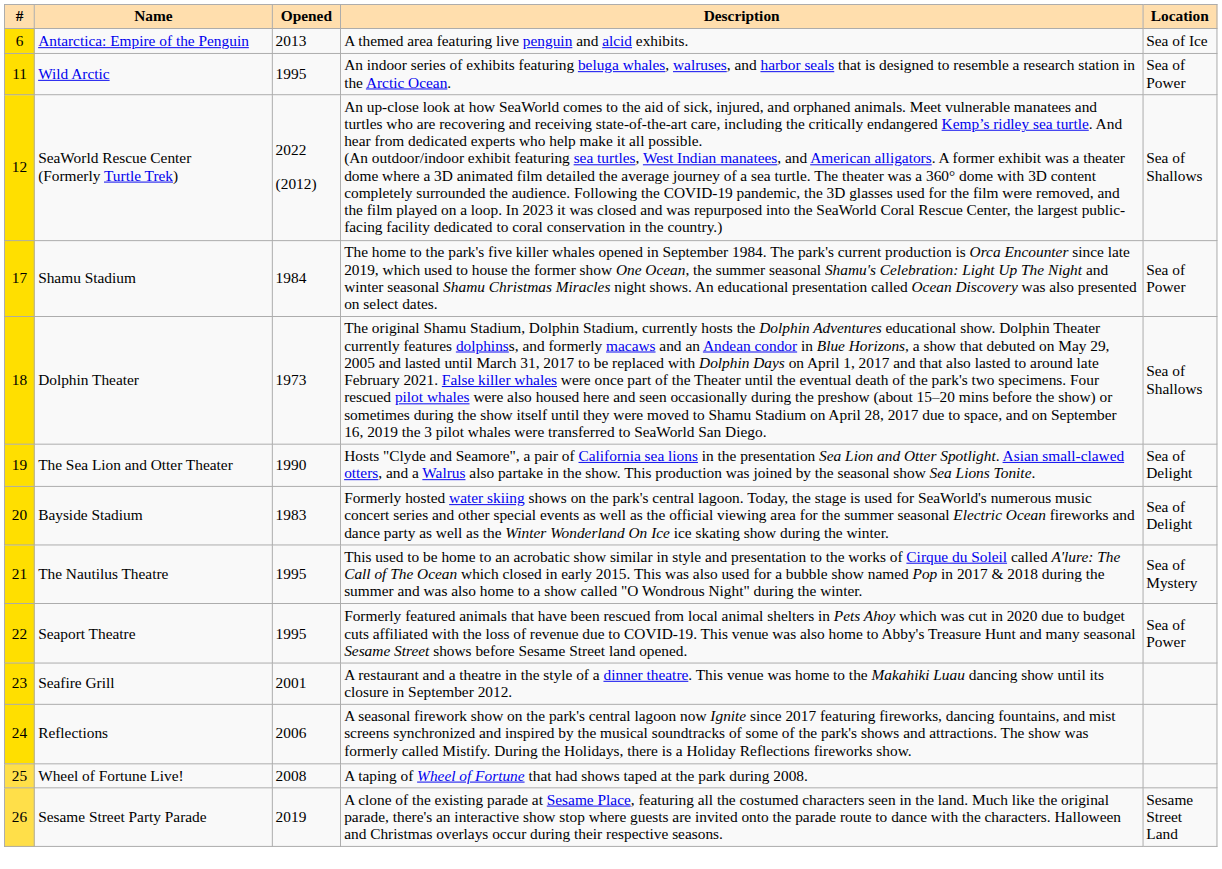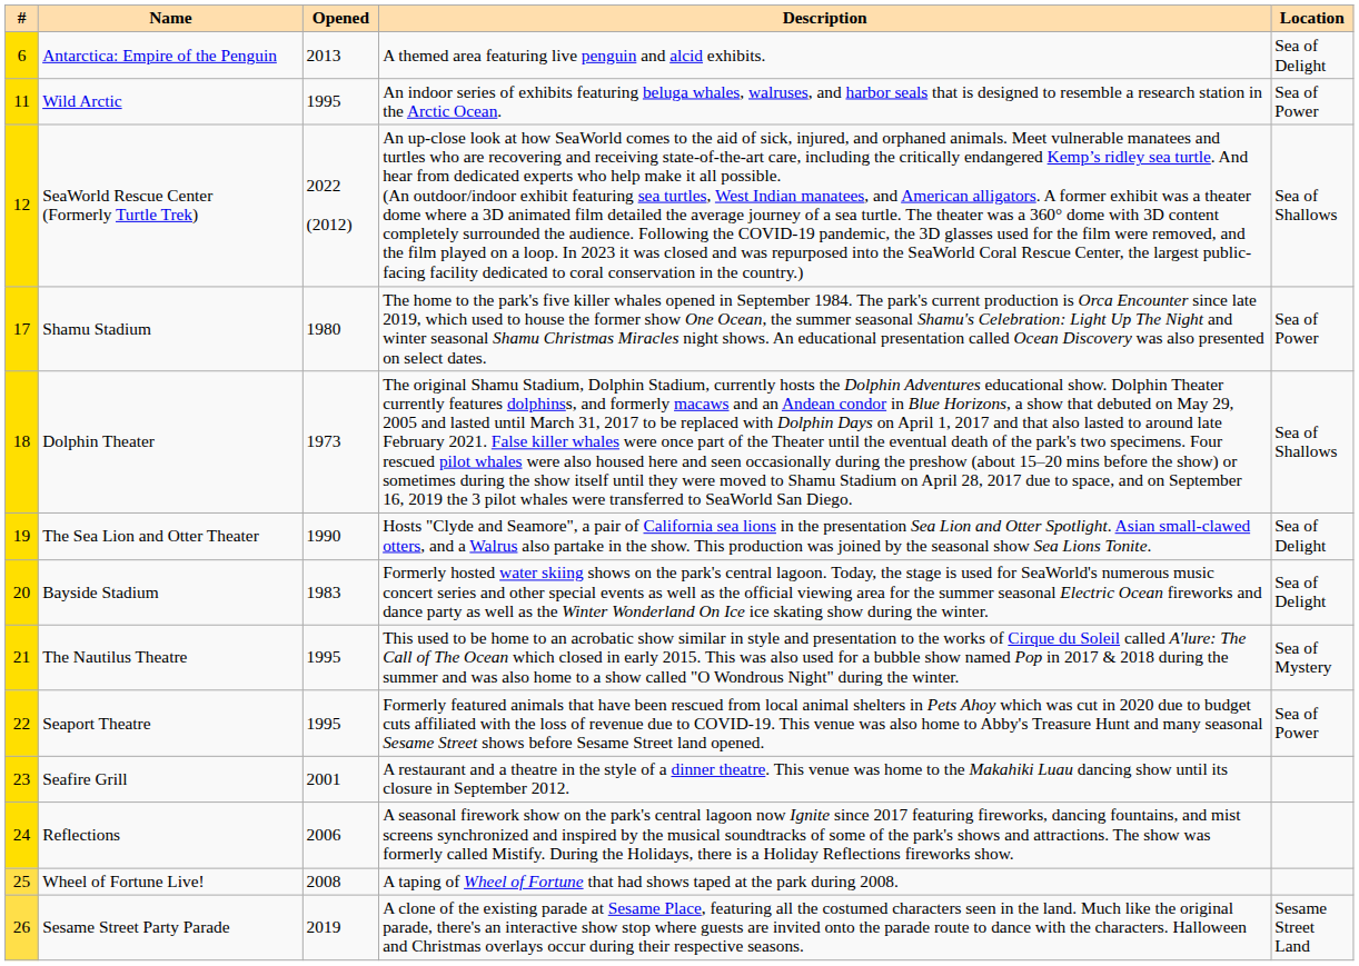 <table class="wikitable" style="width: 100%; font sizes: 95%;">
 <tr>
 <th style="background:#ffdead; width:1.5em;">#</th>
 <th style="background:#ffdead; width:15em;">Name</th>
 <th style="background:#ffdead; width:4em;">Opened</th>
 <th style="background:#ffdead;">Description</th>
 <th style="background:#ffdead;">Location</th>
 </tr>
 <tr>
 <td style="background:#ffdf00; text-align:center;">6</td>
 <td><a href='#'>Antarctica: Empire of the Penguin</a></td>
 <td>2013</td>
 <td>A themed area featuring live <a href='#'>penguin</a> and <a href='#'>alcid</a> exhibits.</td>
-<td>Sea of Ice</td>
+<td>Sea of Delight</td>
 </tr>
 <tr>
 <td style="background:#ffdf00; text-align:center;">11</td>
 <td><a href='#'>Wild Arctic</a></td>
 <td>1995</td>
 <td>An indoor series of exhibits featuring <a href='#'>beluga whales</a>, <a href='#'>walruses</a>, and <a href='#'>harbor seals</a> that is designed to resemble a research station in the <a href='#'>Arctic Ocean</a>.</td>
 <td>Sea of Power</td>
 </tr>
 <tr>
 <td style="background:#ffdf00; text-align:center;">12</td>
 <td>SeaWorld Rescue Center<br> (Formerly <a href='#'>Turtle Trek</a>)</td>
 <td>2022<br><br>(2012)</td>
 <td>An up-close look at how SeaWorld comes to the aid of sick, injured, and orphaned animals. Meet vulnerable manatees and turtles who are recovering and receiving state-of-the-art care, including the critically endangered <a href='#'>Kemp’s ridley sea turtle</a>. And hear from dedicated experts who help make it all possible.<br>(An outdoor/indoor exhibit featuring <a href='#'>sea turtles</a>, <a href='#'>West Indian manatees</a>, and <a href='#'>American alligators</a>. A former exhibit was a theater dome where a 3D animated film detailed the average journey of a sea turtle. The theater was a 360° dome with 3D content completely surrounded the audience. Following the COVID-19 pandemic, the 3D glasses used for the film were removed, and the film played on a loop. In 2023 it was closed and was repurposed into the SeaWorld Coral Rescue Center, the largest public-facing facility dedicated to coral conservation in the country.)</td>
 <td>Sea of Shallows</td>
 </tr>
 <tr>
 <td style="background:#ffdf00; text-align:center;">17</td>
 <td>Shamu Stadium</td>
-<td>1984</td>
+<td>1980</td>
 <td>The  home to the park's five killer whales opened in September 1984. The park's current production is <em>Orca Encounter</em> since late 2019, which used to house the former show <em>One Ocean</em>, the summer seasonal <em>Shamu's Celebration: Light Up The Night</em> and winter seasonal <em>Shamu Christmas Miracles</em> night shows. An educational presentation called <em>Ocean Discovery</em> was also presented on select dates.</td>
 <td>Sea of Power</td>
 </tr>
 <tr>
 <td style="background:#ffdf00; text-align:center;">18</td>
 <td>Dolphin Theater</td>
 <td>1973</td>
 <td>The  original Shamu Stadium, Dolphin Stadium, currently hosts the <em>Dolphin Adventures</em> educational show. Dolphin Theater currently features <a href='#'>dolphins</a>s, and formerly <a href='#'>macaws</a> and an <a href='#'>Andean condor</a> in <em>Blue Horizons</em>, a show that debuted on May 29, 2005 and lasted until March 31, 2017 to be replaced with <em>Dolphin Days</em> on April 1, 2017 and that also lasted to around late February 2021. <a href='#'>False killer whales</a> were once part of the Theater until the eventual death of the park's two specimens. Four rescued <a href='#'>pilot whales</a> were also housed here and seen occasionally during the preshow (about 15–20 mins before the show) or sometimes during the show itself until they were moved to Shamu Stadium on April 28, 2017 due to space, and on September 16, 2019 the 3 pilot whales were transferred to SeaWorld San Diego.</td>
 <td>Sea of Shallows</td>
 </tr>
 <tr>
 <td style="background:#ffdf00; text-align:center;">19</td>
 <td>The Sea Lion and Otter Theater</td>
 <td>1990</td>
 <td>Hosts "Clyde and Seamore", a pair of <a href='#'>California sea lions</a> in the presentation <em>Sea Lion and Otter Spotlight</em>. <a href='#'>Asian small-clawed otters</a>, and a <a href='#'>Walrus</a> also partake in the show. This production was joined by the seasonal show <em>Sea Lions Tonite</em>.</td>
 <td>Sea of Delight</td>
 </tr>
 <tr>
 <td style="background:#ffdf00; text-align:center;">20</td>
 <td>Bayside Stadium</td>
 <td>1983</td>
 <td>Formerly hosted <a href='#'>water skiing</a> shows on the park's central lagoon. Today, the stage is used for SeaWorld's numerous music concert series and other special events as well as the official viewing area for the summer seasonal <em>Electric Ocean</em> fireworks and dance party as well as the <em>Winter Wonderland On Ice</em> ice skating show during the winter.</td>
 <td>Sea of Delight</td>
 </tr>
 <tr>
 <td style="background:#ffdf00; text-align:center;">21</td>
 <td>The Nautilus Theatre</td>
 <td>1995</td>
 <td>This used to be home to an acrobatic show similar in style and presentation to the works of <a href='#'>Cirque du Soleil</a> called <em>A'lure: The Call of The Ocean</em> which closed in early 2015. This was also used for a bubble show named <em>Pop</em> in 2017 & 2018 during the summer and was also home to a show called "O Wondrous Night" during the winter.</td>
 <td>Sea of Mystery</td>
 </tr>
 <tr>
 <td style="background:#ffdf00; text-align:center;">22</td>
 <td>Seaport Theatre</td>
 <td>1995</td>
 <td>Formerly featured animals that have been rescued from local animal shelters in <em>Pets Ahoy</em> which was cut in 2020 due to budget cuts affiliated with the loss of revenue due to COVID-19. This venue was also home to Abby's Treasure Hunt and many seasonal <em>Sesame Street</em> shows before Sesame Street land opened.</td>
 <td>Sea of Power</td>
 </tr>
 <tr>
 <td style="background:#ffdf00; text-align:center;">23</td>
 <td>Seafire Grill</td>
 <td>2001</td>
 <td>A restaurant and a theatre in the style of a <a href='#'>dinner theatre</a>. This venue was home to the <em>Makahiki Luau</em> dancing show until its closure in September 2012.</td>
 <td></td>
 </tr>
 <tr>
 <td style="background:#ffdf00; text-align:center;">24</td>
 <td>Reflections</td>
 <td>2006</td>
 <td>A seasonal firework show on the park's central lagoon now <em>Ignite</em> since 2017 featuring fireworks, dancing fountains, and mist screens synchronized and inspired by the musical soundtracks of some of the park's shows and attractions. The show was formerly called Mistify. During the Holidays, there is a Holiday Reflections fireworks show.</td>
 <td></td>
 </tr>
 <tr>
 <td style="background:#ffdf49; text-align:center;">25</td>
 <td>Wheel of Fortune Live!</td>
 <td>2008</td>
 <td>A taping of <em><a href='#'>Wheel of Fortune</a></em> that had shows taped at the park during 2008.</td>
 <td></td>
 </tr>
 <tr>
 <td style="background:#ffdf49; text-align:center;">26</td>
 <td>Sesame Street Party Parade</td>
 <td>2019</td>
 <td>A clone of the existing parade at <a href='#'>Sesame Place</a>, featuring all the costumed characters seen in the land. Much like the original parade, there's an interactive show stop where guests are invited onto the parade route to dance with the characters. Halloween and Christmas overlays occur during their respective seasons.</td>
 <td>Sesame Street Land</td>
 </tr>
 </table>
